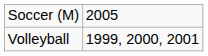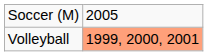 <table class="wikitable">
 <tr>
 <td>Soccer (M)</td>
 <td>2005</td>
 </tr>
 <tr>
 <td>Volleyball</td>
-<td>1999, 2000, 2001</td>
+<td style="background: lightsalmon;">1999, 2000, 2001</td>
 </tr>
 </table>
